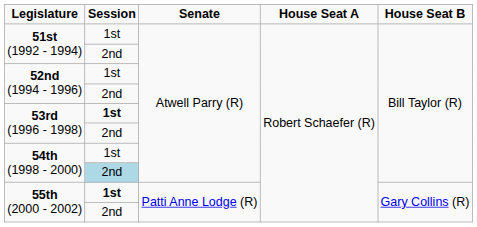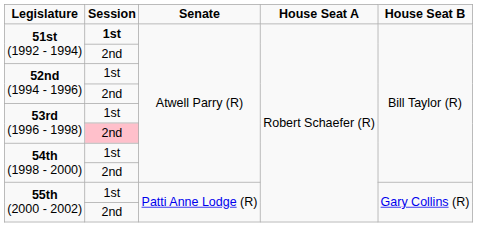 <table class=wikitable style="text-align:center">
 <tr>
 <td><strong>Legislature</strong></td>
 <td><strong>Session</strong></td>
 <td><strong>Senate</strong></td>
 <td><strong>House Seat A</strong></td>
 <td><strong>House Seat B</strong></td>
 </tr>
 <tr>
 <td rowspan="2" colspan="1" style="text-align: center;"><strong>51st</strong> <br> (1992 - 1994)</td>
-<td>1st</td>
+<td><strong>1st</strong></td>
 <td rowspan="8" colspan="1" style="text-align: center;" >Atwell Parry (R)</td>
 <td rowspan="10" colspan="1" style="text-align: center;" >Robert Schaefer (R)</td>
 <td rowspan="8" colspan="1" style="text-align: center;" >Bill Taylor (R)</td>
 </tr>
 <tr>
 <td>2nd</td>
 </tr>
 <tr>
 <td rowspan="2" colspan="1" style="text-align: center;"><strong>52nd</strong> <br> (1994 - 1996)</td>
 <td>1st</td>
 </tr>
 <tr>
 <td>2nd</td>
 </tr>
 <tr>
 <td rowspan="2" colspan="1" style="text-align: center;"><strong>53rd</strong> <br> (1996 - 1998)</td>
-<td><strong>1st</strong></td>
+<td>1st</td>
 </tr>
 <tr>
-<td>2nd</td>
+<td style="background: pink;">2nd</td>
 </tr>
 <tr>
 <td rowspan="2" colspan="1" style="text-align: center;"><strong>54th</strong> <br> (1998 - 2000)</td>
 <td>1st</td>
 </tr>
 <tr>
-<td style="background: lightblue;">2nd</td>
+<td>2nd</td>
 </tr>
 <tr>
 <td rowspan="2" colspan="1" style="text-align: center;"><strong>55th</strong> <br> (2000 - 2002)</td>
-<td><strong>1st</strong></td>
+<td>1st</td>
 <td rowspan="2" colspan="1" style="text-align: center;" ><a href='#'>Patti Anne Lodge</a> (R)</td>
 <td rowspan="2" colspan="1" style="text-align: center;" ><a href='#'>Gary Collins</a> (R)</td>
 </tr>
 <tr>
 <td>2nd</td>
 </tr>
 </table>
